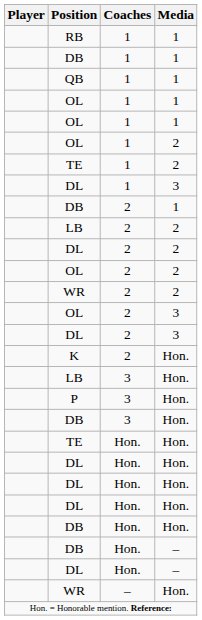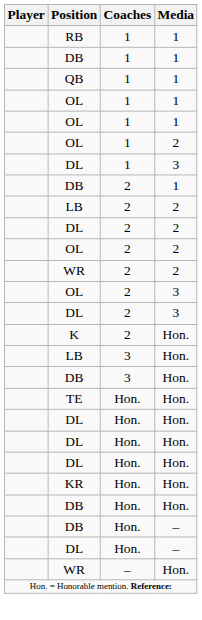 <table class="wikitable sortable sortable" style="text-align: center">
 <tr align=center>
 <th>Player</th>
 <th>Position</th>
 <th>Coaches</th>
 <th>Media</th>
 </tr>
 <tr>
 <td></td>
 <td>RB</td>
 <td>1</td>
 <td>1</td>
 </tr>
 <tr>
 <td></td>
 <td>DB</td>
 <td>1</td>
 <td>1</td>
 </tr>
 <tr>
 <td></td>
 <td>QB</td>
 <td>1</td>
 <td>1</td>
 </tr>
 <tr>
 <td></td>
 <td>OL</td>
 <td>1</td>
 <td>1</td>
 </tr>
 <tr>
 <td></td>
 <td>OL</td>
 <td>1</td>
 <td>1</td>
 </tr>
 <tr>
 <td></td>
 <td>OL</td>
-<td>1</td>
-<td>2</td>
-</tr>
-<tr>
-<td></td>
-<td>TE</td>
 <td>1</td>
 <td>2</td>
 </tr>
 <tr>
 <td></td>
 <td>DL</td>
 <td>1</td>
 <td>3</td>
 </tr>
 <tr>
 <td></td>
 <td>DB</td>
 <td>2</td>
 <td>1</td>
 </tr>
 <tr>
 <td></td>
 <td>LB</td>
 <td>2</td>
 <td>2</td>
 </tr>
 <tr>
 <td></td>
 <td>DL</td>
 <td>2</td>
 <td>2</td>
 </tr>
 <tr>
 <td></td>
 <td>OL</td>
 <td>2</td>
 <td>2</td>
 </tr>
 <tr>
 <td></td>
 <td>WR</td>
 <td>2</td>
 <td>2</td>
 </tr>
 <tr>
 <td></td>
 <td>OL</td>
 <td>2</td>
 <td>3</td>
 </tr>
 <tr>
 <td></td>
 <td>DL</td>
 <td>2</td>
 <td>3</td>
 </tr>
 <tr>
 <td></td>
 <td>K</td>
 <td>2</td>
 <td data-sort-value="4">Hon.</td>
 </tr>
 <tr>
 <td></td>
 <td>LB</td>
 <td>3</td>
 <td data-sort-value="4">Hon.</td>
 </tr>
 <tr>
 <td></td>
-<td>P</td>
-<td>3</td>
-<td data-sort-value="4">Hon.</td>
-</tr>
-<tr>
-<td></td>
 <td>DB</td>
 <td>3</td>
 <td data-sort-value="4">Hon.</td>
 </tr>
 <tr>
 <td></td>
 <td>TE</td>
 <td data-sort-value="4">Hon.</td>
 <td data-sort-value="4">Hon.</td>
 </tr>
 <tr>
 <td></td>
 <td>DL</td>
 <td data-sort-value="4">Hon.</td>
 <td data-sort-value="4">Hon.</td>
 </tr>
 <tr>
 <td></td>
 <td>DL</td>
 <td data-sort-value="4">Hon.</td>
 <td data-sort-value="4">Hon.</td>
 </tr>
 <tr>
 <td></td>
 <td>DL</td>
+<td data-sort-value="4">Hon.</td>
+<td data-sort-value="4">Hon.</td>
+</tr>
+<tr>
+<td></td>
+<td>KR</td>
 <td data-sort-value="4">Hon.</td>
 <td data-sort-value="4">Hon.</td>
 </tr>
 <tr>
 <td></td>
 <td>DB</td>
 <td data-sort-value="4">Hon.</td>
 <td data-sort-value="4">Hon.</td>
 </tr>
 <tr>
 <td></td>
 <td>DB</td>
 <td data-sort-value="4">Hon.</td>
 <td>–</td>
 </tr>
 <tr>
 <td></td>
 <td>DL</td>
 <td data-sort-value="4">Hon.</td>
 <td>–</td>
 </tr>
 <tr>
 <td></td>
 <td>WR</td>
 <td>–</td>
 <td data-sort-value="4">Hon.</td>
 </tr>
 <tr class="sortbottom">
 <td colspan="4"  style="font-size:8pt; text-align:center;">Hon. = Honorable mention. <strong>Reference:</strong></td>
 </tr>
 </table>
